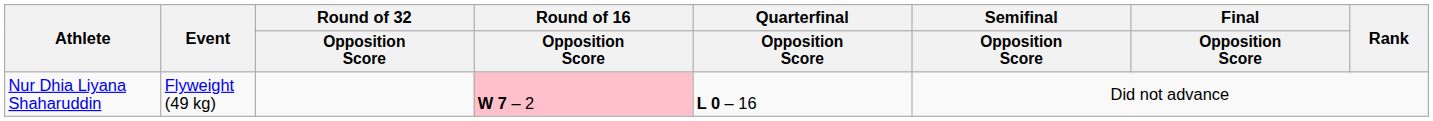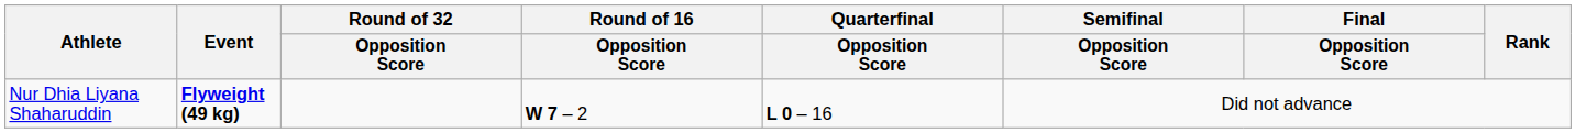 <table class="wikitable" style="text-align:left; font-size:90%">
 <tr>
 <th rowspan=2 width="10%">Athlete</th>
 <th rowspan=2 width="6%">Event</th>
 <th width="14%">Round of 32</th>
 <th width="14%">Round of 16</th>
 <th width="14%">Quarterfinal</th>
 <th width="14%">Semifinal</th>
 <th width="14%">Final</th>
 <th rowspan=2 width="5%">Rank</th>
 </tr>
 <tr style="font-size:95%">
 <th>Opposition<br>Score</th>
 <th>Opposition<br>Score</th>
 <th>Opposition<br>Score</th>
 <th>Opposition<br>Score</th>
 <th>Opposition<br>Score</th>
 </tr>
 <tr>
 <td><a href='#'>Nur Dhia Liyana Shaharuddin</a></td>
-<td><a href='#'>Flyweight</a> (49 kg)</td>
+<td><strong><a href='#'>Flyweight</a> (49 kg)</strong></td>
 <td></td>
-<td style="background: pink;"><br><strong>W 7</strong> – 2</td>
+<td><br><strong>W 7</strong> – 2</td>
 <td><br><strong>L 0</strong> – 16</td>
 <td colspan=3 align=center>Did not advance</td>
 </tr>
 </table>
